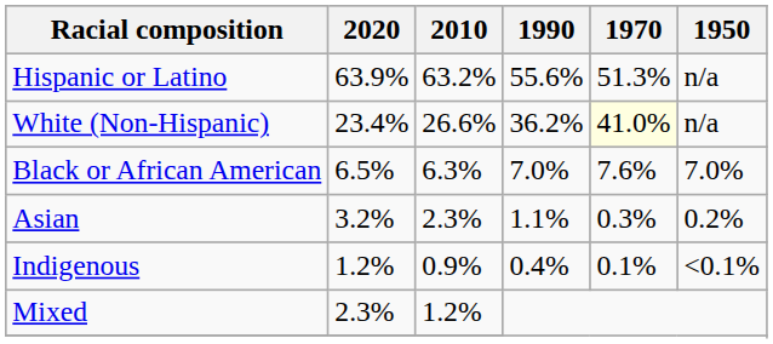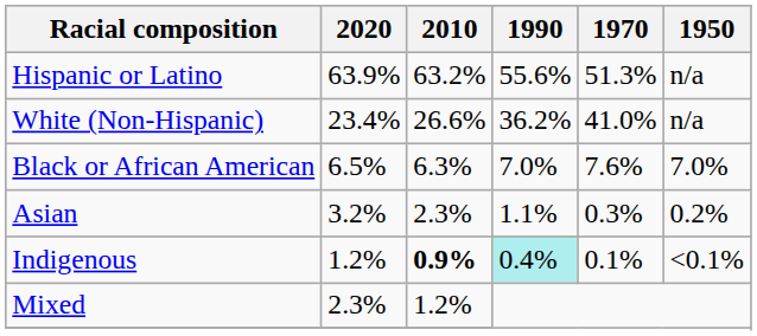 <table class="wikitable sortable collapsible" style="font-size: 90%;">
 <tr>
 <th>Racial composition</th>
 <th>2020</th>
 <th>2010</th>
 <th>1990</th>
 <th>1970</th>
 <th>1950</th>
 </tr>
 <tr>
 <td><a href='#'>Hispanic or Latino</a></td>
 <td>63.9%</td>
 <td>63.2%</td>
 <td>55.6%</td>
 <td>51.3%</td>
 <td>n/a</td>
 </tr>
 <tr>
 <td><a href='#'>White (Non-Hispanic)</a></td>
 <td>23.4%</td>
 <td>26.6%</td>
 <td>36.2%</td>
-<td style="background: lightyellow;">41.0%</td>
+<td>41.0%</td>
 <td>n/a</td>
 </tr>
 <tr>
 <td><a href='#'>Black or African American</a></td>
 <td>6.5%</td>
 <td>6.3%</td>
 <td>7.0%</td>
 <td>7.6%</td>
 <td>7.0%</td>
 </tr>
 <tr>
 <td><a href='#'>Asian</a></td>
 <td>3.2%</td>
 <td>2.3%</td>
 <td>1.1%</td>
 <td>0.3%</td>
 <td>0.2%</td>
 </tr>
 <tr>
 <td><a href='#'>Indigenous</a></td>
 <td>1.2%</td>
-<td>0.9%</td>
-<td>0.4%</td>
+<td><strong>0.9%</strong></td>
+<td style="background: paleturquoise;">0.4%</td>
 <td>0.1%</td>
 <td><0.1%</td>
 </tr>
 <tr>
 <td><a href='#'>Mixed</a></td>
 <td>2.3%</td>
 <td>1.2%</td>
 </tr>
 <tr>
 </tr>
 </table>
